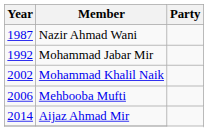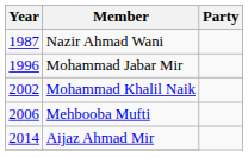 <table class="wikitable sortable">
 <tr>
 <th>Year</th>
 <th>Member</th>
 <th colspan=2>Party</th>
 </tr>
 <tr>
 <td><a href='#'>1987</a></td>
 <td>Nazir Ahmad Wani</td>
 <td></td>
 </tr>
 <tr>
-<td><a href='#'>1992</a></td>
+<td><a href='#'>1996</a></td>
 <td>Mohammad Jabar Mir</td>
 </tr>
 <tr>
 <td><a href='#'>2002</a></td>
 <td><a href='#'>Mohammad Khalil Naik</a></td>
 <td></td>
 </tr>
 <tr>
 <td><a href='#'>2006</a></td>
 <td><a href='#'>Mehbooba Mufti</a></td>
 <td></td>
 </tr>
 <tr>
 <td><a href='#'>2014</a></td>
 <td><a href='#'>Aijaz Ahmad Mir</a></td>
 </tr>
 <tr>
 </tr>
 </table>
